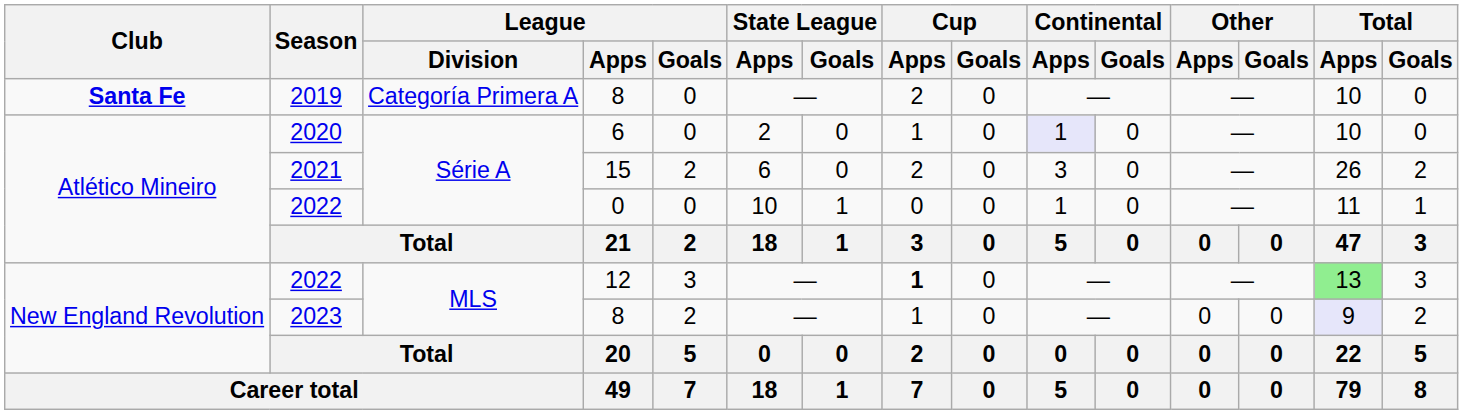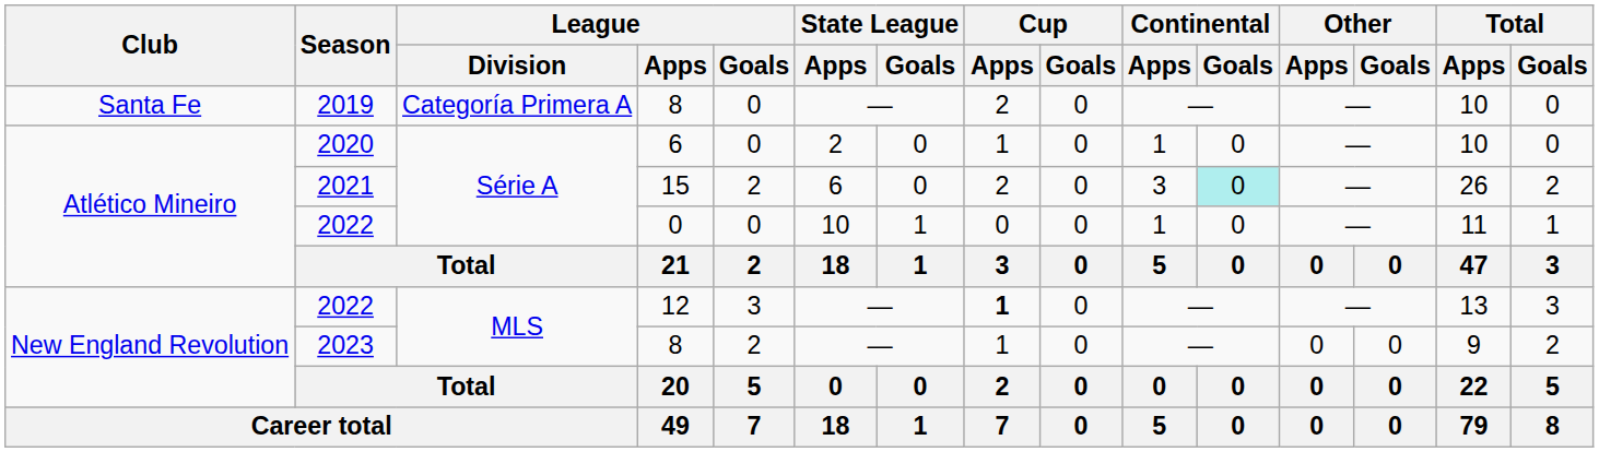 <table class="wikitable" style="text-align: center">
 <tr>
 <th rowspan="2">Club</th>
 <th rowspan="2">Season</th>
 <th colspan="3">League</th>
 <th colspan="2">State League</th>
 <th colspan="2">Cup</th>
 <th colspan="2">Continental</th>
 <th colspan="2">Other</th>
 <th colspan="2">Total</th>
 </tr>
 <tr>
 <th>Division</th>
 <th>Apps</th>
 <th>Goals</th>
 <th>Apps</th>
 <th>Goals</th>
 <th>Apps</th>
 <th>Goals</th>
 <th>Apps</th>
 <th>Goals</th>
 <th>Apps</th>
 <th>Goals</th>
 <th>Apps</th>
 <th>Goals</th>
 </tr>
 <tr>
-<td><strong><a href='#'>Santa Fe</a></strong></td>
+<td><a href='#'>Santa Fe</a></td>
 <td><a href='#'>2019</a></td>
 <td><a href='#'>Categoría Primera A</a></td>
 <td>8</td>
 <td>0</td>
 <td colspan="2">—</td>
 <td>2</td>
 <td>0</td>
 <td colspan="2">—</td>
 <td colspan="2">—</td>
 <td>10</td>
 <td>0</td>
 </tr>
 <tr>
 <td rowspan="4"><a href='#'>Atlético Mineiro</a></td>
 <td><a href='#'>2020</a></td>
 <td rowspan="3"><a href='#'>Série A</a></td>
 <td>6</td>
 <td>0</td>
 <td>2</td>
 <td>0</td>
 <td>1</td>
 <td>0</td>
-<td style="background: lavender;">1</td>
+<td>1</td>
 <td>0</td>
 <td colspan="2">—</td>
 <td>10</td>
 <td>0</td>
 </tr>
 <tr>
 <td><a href='#'>2021</a></td>
 <td>15</td>
 <td>2</td>
 <td>6</td>
 <td>0</td>
 <td>2</td>
 <td>0</td>
 <td>3</td>
-<td>0</td>
+<td style="background: paleturquoise;">0</td>
 <td colspan="2">—</td>
 <td>26</td>
 <td>2</td>
 </tr>
 <tr>
 <td><a href='#'>2022</a></td>
 <td>0</td>
 <td>0</td>
 <td>10</td>
 <td>1</td>
 <td>0</td>
 <td>0</td>
 <td>1</td>
 <td>0</td>
 <td colspan="2">—</td>
 <td>11</td>
 <td>1</td>
 </tr>
 <tr>
 <th colspan="2">Total</th>
 <th>21</th>
 <th>2</th>
 <th>18</th>
 <th>1</th>
 <th>3</th>
 <th>0</th>
 <th>5</th>
 <th>0</th>
 <th>0</th>
 <th>0</th>
 <th>47</th>
 <th>3</th>
 </tr>
 <tr>
 <td rowspan="3"><a href='#'>New England Revolution</a></td>
 <td><a href='#'>2022</a></td>
 <td rowspan="2"><a href='#'>MLS</a></td>
 <td>12</td>
 <td>3</td>
 <td colspan="2">—</td>
 <td><strong>1</strong></td>
 <td>0</td>
 <td colspan="2">—</td>
 <td colspan="2">—</td>
-<td style="background: lightgreen;">13</td>
+<td>13</td>
 <td>3</td>
 </tr>
 <tr>
 <td><a href='#'>2023</a></td>
 <td>8</td>
 <td>2</td>
 <td colspan="2">—</td>
 <td>1</td>
 <td>0</td>
 <td colspan="2">—</td>
 <td>0</td>
 <td>0</td>
-<td style="background: lavender;">9</td>
+<td>9</td>
 <td>2</td>
 </tr>
 <tr>
 <th colspan="2">Total</th>
 <th>20</th>
 <th>5</th>
 <th>0</th>
 <th>0</th>
 <th>2</th>
 <th>0</th>
 <th>0</th>
 <th>0</th>
 <th>0</th>
 <th>0</th>
 <th>22</th>
 <th>5</th>
 </tr>
 <tr>
 <th colspan="3"><strong>Career total</strong></th>
 <th>49</th>
 <th>7</th>
 <th>18</th>
 <th>1</th>
 <th>7</th>
 <th>0</th>
 <th>5</th>
 <th>0</th>
 <th>0</th>
 <th>0</th>
 <th>79</th>
 <th>8</th>
 </tr>
 </table>
